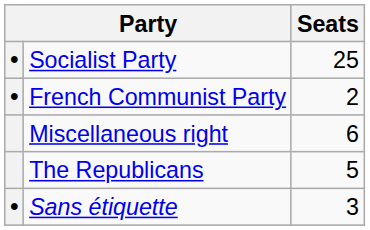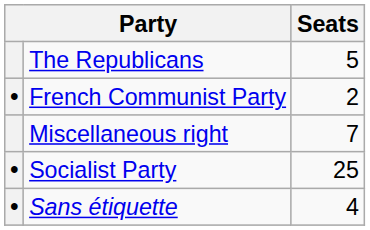 <table class="wikitable" style="font-size: 95%;">
 <tr>
 <th colspan="2">Party</th>
 <th>Seats</th>
 </tr>
 <tr>
-<th style="background-color: "><span>•</span></th>
-<td><a href='#'>Socialist Party</a></td>
-<td align="right">25</td>
+<th style="background-color: "></th>
+<td><a href='#'>The Republicans</a></td>
+<td align="right">5</td>
 </tr>
 <tr>
 <th style="background-color: "><span>•</span></th>
 <td><a href='#'>French Communist Party</a></td>
 <td align="right">2</td>
 </tr>
 <tr>
 <th style="background-color: "></th>
 <td><a href='#'>Miscellaneous right</a></td>
-<td align="right">6</td>
+<td align="right">7</td>
 </tr>
 <tr>
-<th style="background-color: "></th>
-<td><a href='#'>The Republicans</a></td>
-<td align="right">5</td>
+<th style="background-color: "><span>•</span></th>
+<td><a href='#'>Socialist Party</a></td>
+<td align="right">25</td>
 </tr>
 <tr>
 <th style="background-color: "><span>•</span></th>
 <td><em><a href='#'>Sans étiquette</a></em></td>
-<td align="right">3</td>
+<td align="right">4</td>
 </tr>
 </table>
